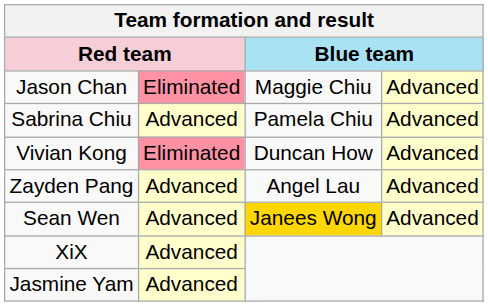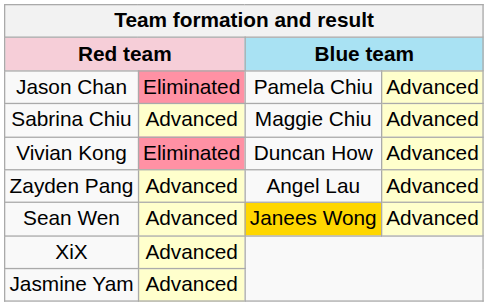 <table class="wikitable unsortable plainrowheaders" style="text-align:center; line-height:18px;">
 <tr>
 <th scope="col" colspan="4">Team formation and result</th>
 </tr>
 <tr>
 <th scope="col" colspan="2" style="background:#F6CED8;">Red team</th>
 <th scope="col" colspan="2" style="background:#A9E2F3;">Blue team</th>
 </tr>
 <tr>
 <td>Jason Chan</td>
 <td style="background:#FF91A4;">Eliminated</td>
-<td>Maggie Chiu</td>
+<td>Pamela Chiu</td>
 <td style="background:#FFFFCC;">Advanced</td>
 </tr>
 <tr>
 <td>Sabrina Chiu</td>
 <td style="background:#FFFFCC;">Advanced</td>
-<td>Pamela Chiu</td>
+<td>Maggie Chiu</td>
 <td style="background:#FFFFCC;">Advanced</td>
 </tr>
 <tr>
 <td>Vivian Kong</td>
 <td style="background:#FF91A4;">Eliminated</td>
 <td>Duncan How</td>
 <td style="background:#FFFFCC;">Advanced</td>
 </tr>
 <tr>
 <td>Zayden Pang</td>
 <td style="background:#FFFFCC;">Advanced</td>
 <td>Angel Lau</td>
 <td style="background:#FFFFCC;">Advanced</td>
 </tr>
 <tr>
 <td>Sean Wen</td>
 <td style="background:#FFFFCC;">Advanced</td>
 <td style="background: gold;">Janees Wong</td>
 <td style="background:#FFFFCC;">Advanced</td>
 </tr>
 <tr>
 <td>XiX</td>
 <td style="background:#FFFFCC;">Advanced</td>
 <td colspan="2" rowspan="2"></td>
 </tr>
 <tr>
 <td>Jasmine Yam</td>
 <td style="background:#FFFFCC;">Advanced</td>
 </tr>
 </table>
